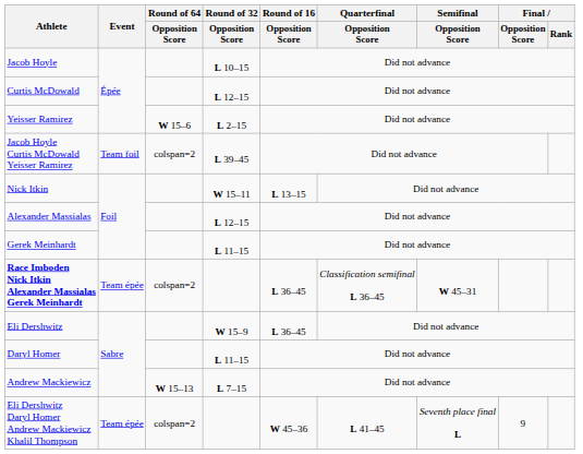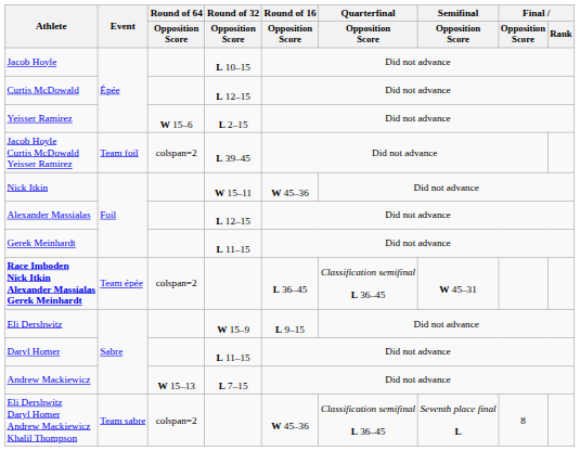 <table class=wikitable style=font-size:90%;text-align:center>
 <tr>
 <th rowspan=2>Athlete</th>
 <th rowspan=2>Event</th>
 <th>Round of 64</th>
 <th>Round of 32</th>
 <th>Round of 16</th>
 <th>Quarterfinal</th>
 <th>Semifinal</th>
 <th colspan=2>Final / </th>
 </tr>
 <tr style=font-size:95%>
 <th>Opposition<br>Score</th>
 <th>Opposition<br>Score</th>
 <th>Opposition<br>Score</th>
 <th>Opposition<br>Score</th>
 <th>Opposition<br>Score</th>
 <th>Opposition<br>Score</th>
 <th>Rank</th>
 </tr>
 <tr>
 <td align=left><a href='#'>Jacob Hoyle</a></td>
 <td align=left rowspan=3><a href='#'>Épée</a></td>
 <td></td>
 <td><br><strong>L</strong> 10–15</td>
 <td colspan=5>Did not advance</td>
 </tr>
 <tr>
 <td align=left><a href='#'>Curtis McDowald</a></td>
 <td></td>
 <td><br><strong>L</strong> 12–15</td>
 <td colspan=5>Did not advance</td>
 </tr>
 <tr>
 <td align=left><a href='#'>Yeisser Ramirez</a></td>
 <td><br><strong>W</strong> 15–6</td>
 <td><br><strong>L</strong> 2–15</td>
 <td colspan=5>Did not advance</td>
 </tr>
 <tr>
 <td align=left><a href='#'>Jacob Hoyle</a><br><a href='#'>Curtis McDowald</a><br><a href='#'>Yeisser Ramirez</a></td>
 <td align=left><a href='#'>Team foil</a></td>
 <td>colspan=2 </td>
 <td><br><strong>L</strong> 39–45</td>
 <td colspan=4>Did not advance</td>
 </tr>
 <tr>
 <td align=left><a href='#'>Nick Itkin</a></td>
 <td align=left rowspan=3><a href='#'>Foil</a></td>
 <td></td>
 <td><br><strong>W</strong> 15–11</td>
-<td><br><strong>L</strong> 13–15</td>
+<td><br><strong>W</strong> 45–36</td>
 <td colspan=4>Did not advance</td>
 </tr>
 <tr>
 <td align=left><a href='#'>Alexander Massialas</a></td>
 <td></td>
 <td><br><strong>L</strong> 12–15</td>
 <td colspan=5>Did not advance</td>
 </tr>
 <tr>
 <td align=left><a href='#'>Gerek Meinhardt</a></td>
 <td></td>
 <td><br><strong>L</strong> 11–15</td>
 <td colspan=5>Did not advance</td>
 </tr>
 <tr>
 <td align=left><strong><a href='#'>Race Imboden</a><br><a href='#'>Nick Itkin</a><br><a href='#'>Alexander Massialas</a><br><a href='#'>Gerek Meinhardt</a></strong></td>
 <td align=left><a href='#'>Team épée</a></td>
 <td>colspan=2 </td>
 <td></td>
 <td><br><strong>L</strong> 36–45</td>
 <td><em>Classification semifinal</em><br><br><strong>L</strong> 36–45</td>
 <td><br><strong>W</strong> 45–31</td>
 <td></td>
 </tr>
 <tr>
 <td align=left><a href='#'>Eli Dershwitz</a></td>
 <td align=left rowspan=3><a href='#'>Sabre</a></td>
 <td></td>
 <td><br><strong>W</strong> 15–9</td>
-<td><br><strong>L</strong> 36–45</td>
+<td><br><strong>L</strong> 9–15</td>
 <td colspan=4>Did not advance</td>
 </tr>
 <tr>
 <td align=left><a href='#'>Daryl Homer</a></td>
 <td></td>
 <td><br><strong>L</strong> 11–15</td>
 <td colspan=5>Did not advance</td>
 </tr>
 <tr>
 <td align=left><a href='#'>Andrew Mackiewicz</a></td>
 <td><br><strong>W</strong> 15–13</td>
 <td><br><strong>L</strong> 7–15</td>
 <td colspan=5>Did not advance</td>
 </tr>
 <tr>
 <td align=left><a href='#'>Eli Dershwitz</a><br><a href='#'>Daryl Homer</a><br><a href='#'>Andrew Mackiewicz</a><br><a href='#'>Khalil Thompson</a></td>
-<td align=left><a href='#'>Team épée</a></td>
+<td align=left><a href='#'>Team sabre</a></td>
 <td>colspan=2 </td>
 <td></td>
 <td><br><strong>W</strong> 45–36</td>
-<td><br><strong>L</strong> 41–45</td>
+<td><em>Classification semifinal</em><br><br><strong>L</strong> 36–45</td>
 <td><em>Seventh place final</em><br><br><strong>L</strong> </td>
-<td>9</td>
+<td>8</td>
 </tr>
 </table>
